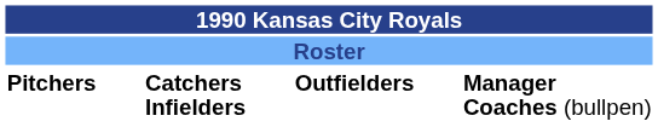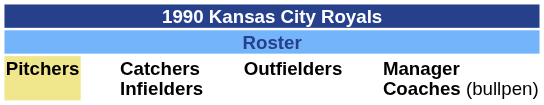 <table class="toccolours" style="font-size: 95%;">
 <tr>
 <th colspan="10" style="background-color: #27408B; color: #FFFFFF; text-align: center;">1990 Kansas City Royals</th>
 </tr>
 <tr>
 <td colspan="10" style="background-color: #74B4FA; color: #27408B; text-align: center;"><strong>Roster</strong></td>
 </tr>
 <tr>
-<td valign="top"><strong>Pitchers</strong><br>                       </td>
+<td valign="top" style="background: khaki;"><strong>Pitchers</strong><br>                       </td>
 <td width="25px"></td>
 <td valign="top"><strong>Catchers</strong><br>    <strong>Infielders</strong>          </td>
 <td width="25px"></td>
 <td valign="top"><strong>Outfielders</strong><br>        </td>
 <td width="25px"></td>
 <td valign="top"><strong>Manager</strong><br> <strong>Coaches</strong>  (bullpen)    </td>
 </tr>
 </table>
